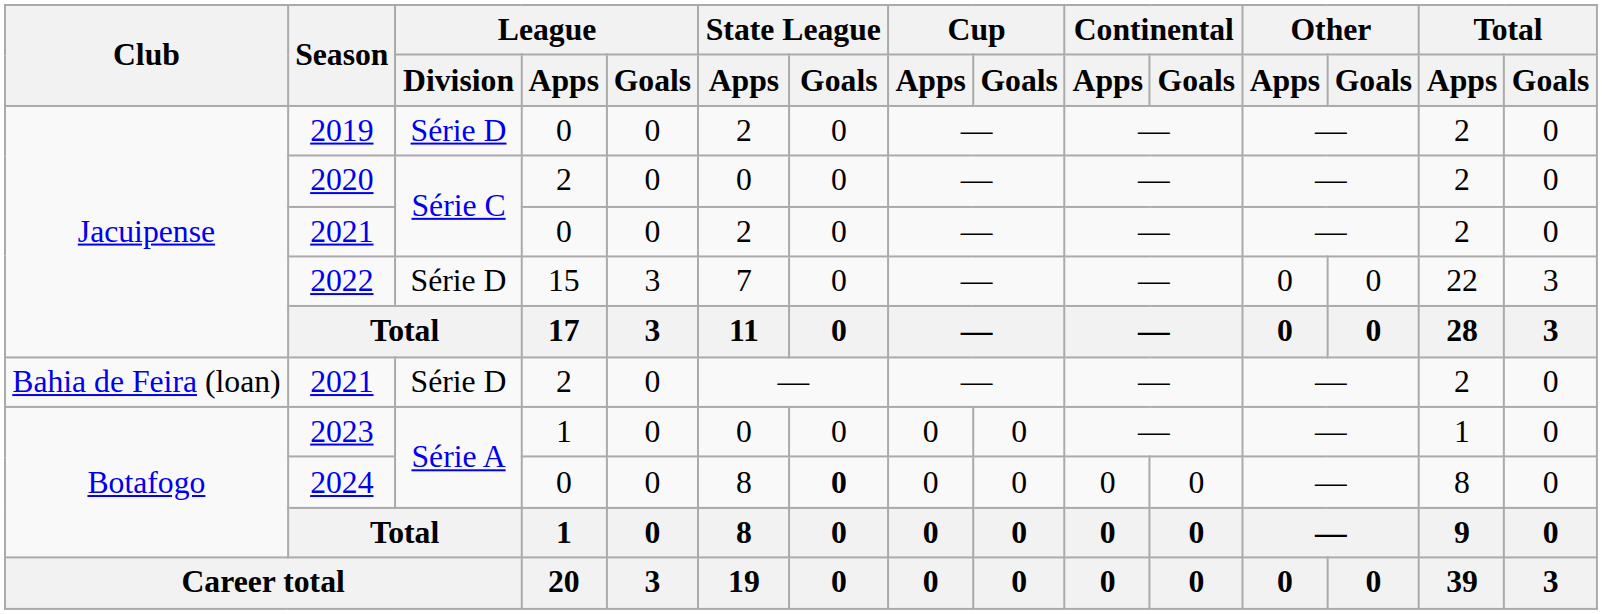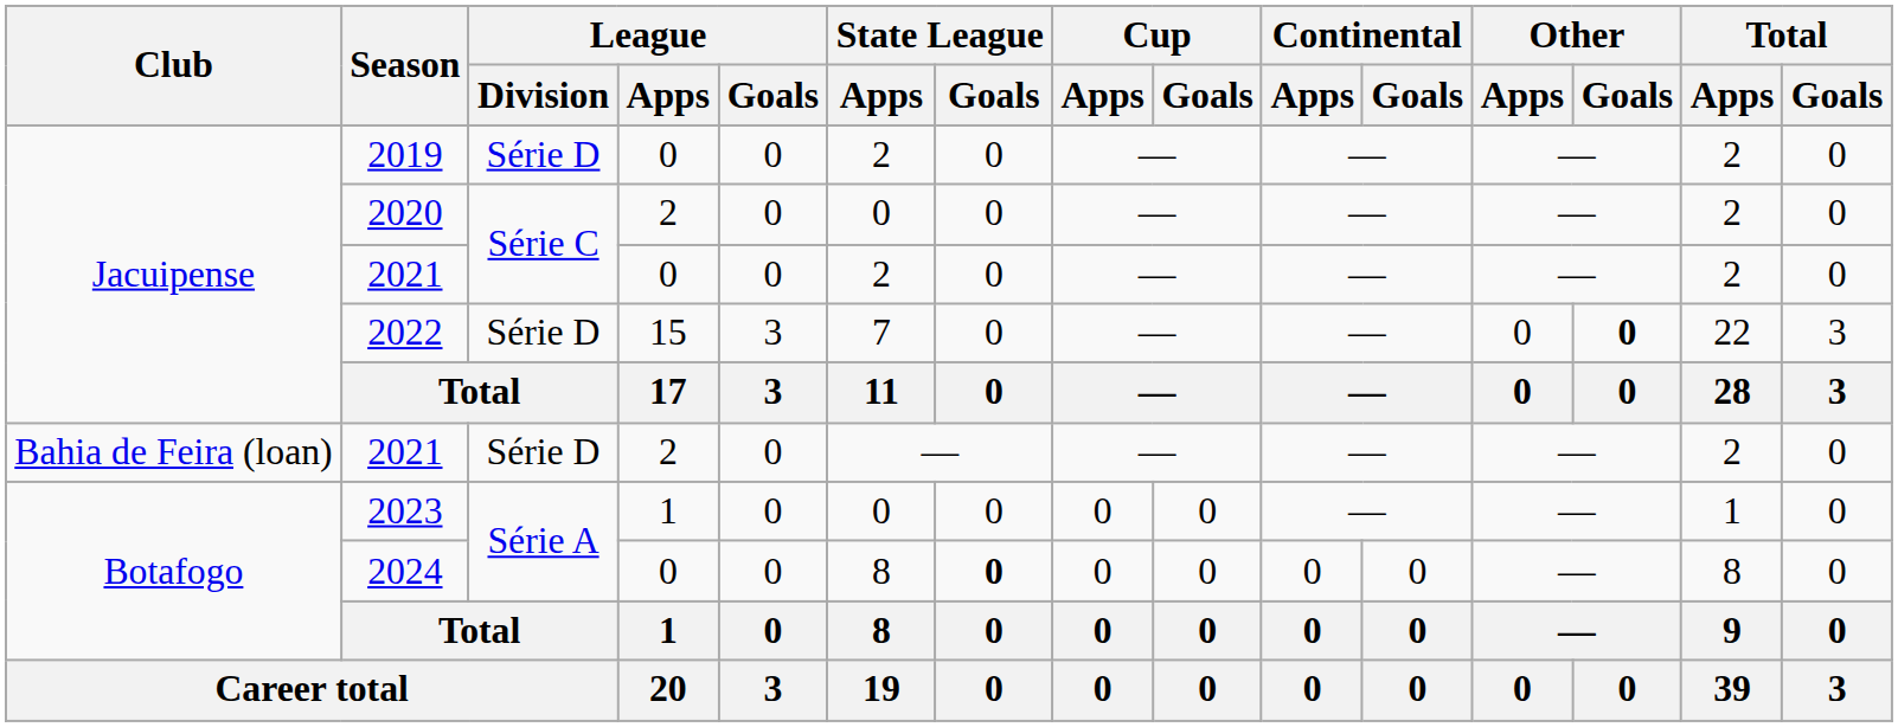 <table class="wikitable" style="text-align: center">
 <tr>
 <th rowspan="2">Club</th>
 <th rowspan="2">Season</th>
 <th colspan="3">League</th>
 <th colspan="2">State League</th>
 <th colspan="2">Cup</th>
 <th colspan="2">Continental</th>
 <th colspan="2">Other</th>
 <th colspan="2">Total</th>
 </tr>
 <tr>
 <th>Division</th>
 <th>Apps</th>
 <th>Goals</th>
 <th>Apps</th>
 <th>Goals</th>
 <th>Apps</th>
 <th>Goals</th>
 <th>Apps</th>
 <th>Goals</th>
 <th>Apps</th>
 <th>Goals</th>
 <th>Apps</th>
 <th>Goals</th>
 </tr>
 <tr>
 <td rowspan="5"><a href='#'>Jacuipense</a></td>
 <td><a href='#'>2019</a></td>
 <td><a href='#'>Série D</a></td>
 <td>0</td>
 <td>0</td>
 <td>2</td>
 <td>0</td>
 <td colspan="2">—</td>
 <td colspan="2">—</td>
 <td colspan="2">—</td>
 <td>2</td>
 <td>0</td>
 </tr>
 <tr>
 <td><a href='#'>2020</a></td>
 <td rowspan="2"><a href='#'>Série C</a></td>
 <td>2</td>
 <td>0</td>
 <td>0</td>
 <td>0</td>
 <td colspan="2">—</td>
 <td colspan="2">—</td>
 <td colspan="2">—</td>
 <td>2</td>
 <td>0</td>
 </tr>
 <tr>
 <td><a href='#'>2021</a></td>
 <td>0</td>
 <td>0</td>
 <td>2</td>
 <td>0</td>
 <td colspan="2">—</td>
 <td colspan="2">—</td>
 <td colspan="2">—</td>
 <td>2</td>
 <td>0</td>
 </tr>
 <tr>
 <td><a href='#'>2022</a></td>
 <td>Série D</td>
 <td>15</td>
 <td>3</td>
 <td>7</td>
 <td>0</td>
 <td colspan="2">—</td>
 <td colspan="2">—</td>
 <td>0</td>
-<td>0</td>
+<td><strong>0</strong></td>
 <td>22</td>
 <td>3</td>
 </tr>
 <tr>
 <th colspan="2">Total</th>
 <th>17</th>
 <th>3</th>
 <th>11</th>
 <th>0</th>
 <th colspan="2">—</th>
 <th colspan="2">—</th>
 <th>0</th>
 <th>0</th>
 <th>28</th>
 <th>3</th>
 </tr>
 <tr>
 <td><a href='#'>Bahia de Feira</a> (loan)</td>
 <td><a href='#'>2021</a></td>
 <td>Série D</td>
 <td>2</td>
 <td>0</td>
 <td colspan="2">—</td>
 <td colspan="2">—</td>
 <td colspan="2">—</td>
 <td colspan="2">—</td>
 <td>2</td>
 <td>0</td>
 </tr>
 <tr>
 <td rowspan="3"><a href='#'>Botafogo</a></td>
 <td><a href='#'>2023</a></td>
 <td rowspan="2"><a href='#'>Série A</a></td>
 <td>1</td>
 <td>0</td>
 <td>0</td>
 <td>0</td>
 <td>0</td>
 <td>0</td>
 <td colspan="2">—</td>
 <td colspan="2">—</td>
 <td>1</td>
 <td>0</td>
 </tr>
 <tr>
 <td><a href='#'>2024</a></td>
 <td>0</td>
 <td>0</td>
 <td>8</td>
 <td><strong>0</strong></td>
 <td>0</td>
 <td>0</td>
 <td>0</td>
 <td>0</td>
 <td colspan="2">—</td>
 <td>8</td>
 <td>0</td>
 </tr>
 <tr>
 <th colspan="2">Total</th>
 <th>1</th>
 <th>0</th>
 <th>8</th>
 <th>0</th>
 <th>0</th>
 <th>0</th>
 <th>0</th>
 <th>0</th>
 <th colspan="2">—</th>
 <th>9</th>
 <th>0</th>
 </tr>
 <tr>
 <th colspan="3"><strong>Career total</strong></th>
 <th>20</th>
 <th>3</th>
 <th>19</th>
 <th>0</th>
 <th>0</th>
 <th>0</th>
 <th>0</th>
 <th>0</th>
 <th>0</th>
 <th>0</th>
 <th>39</th>
 <th>3</th>
 </tr>
 </table>
